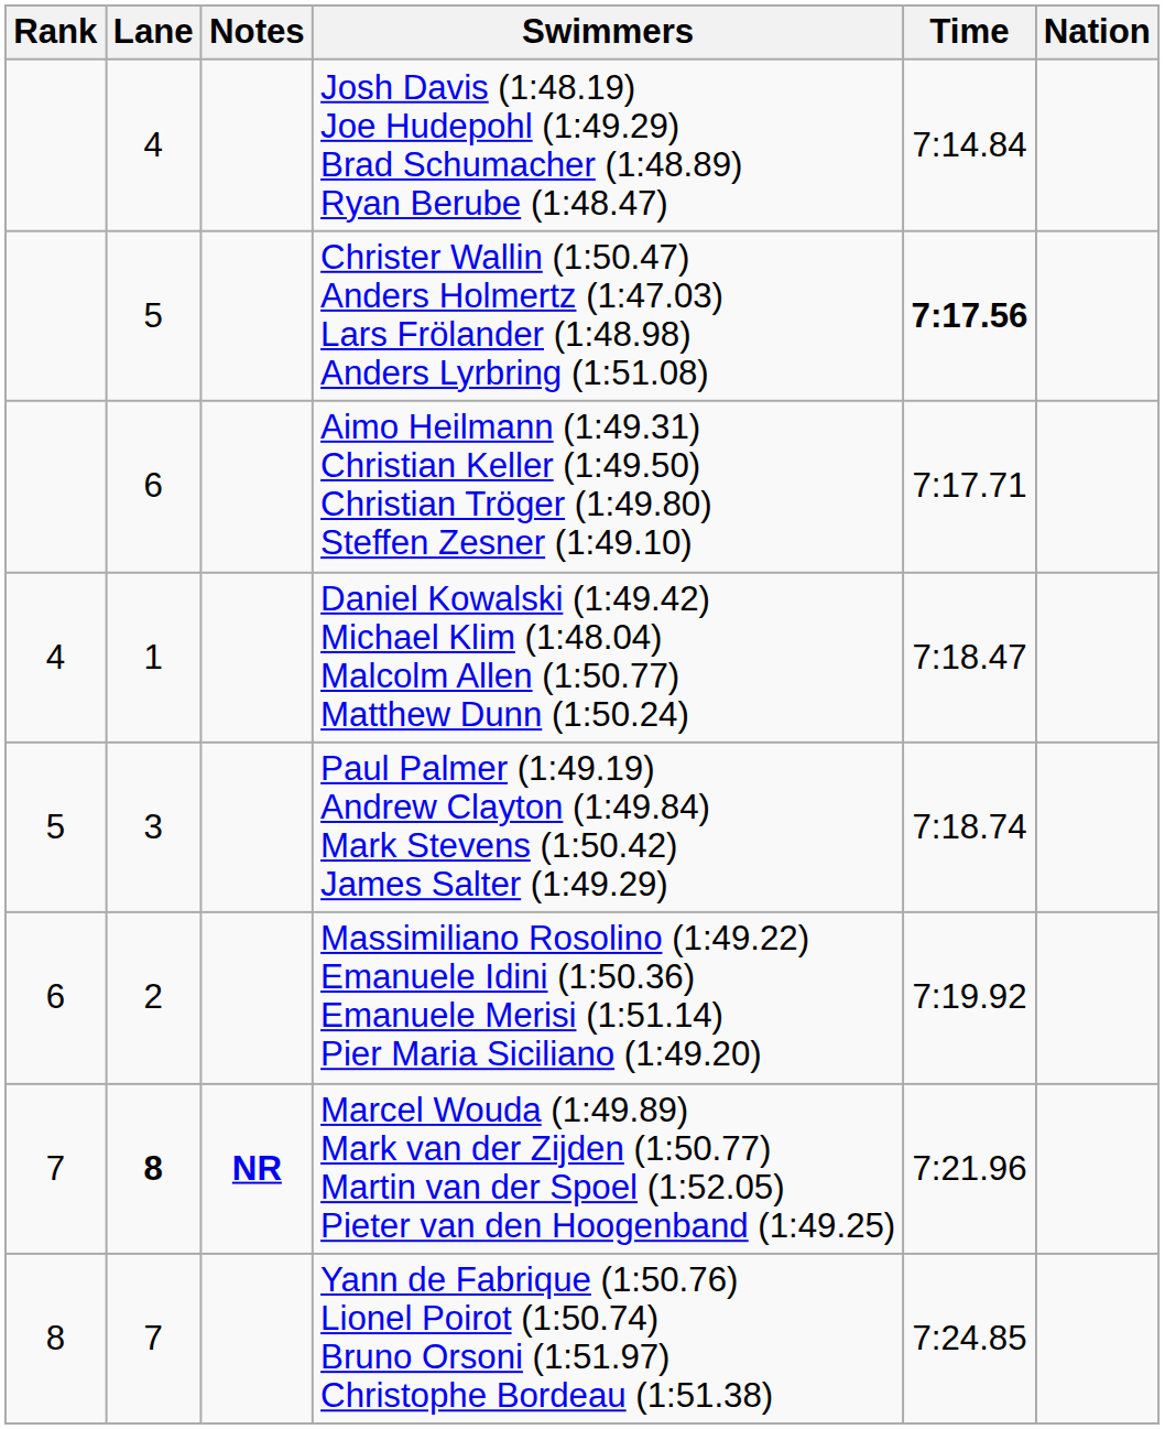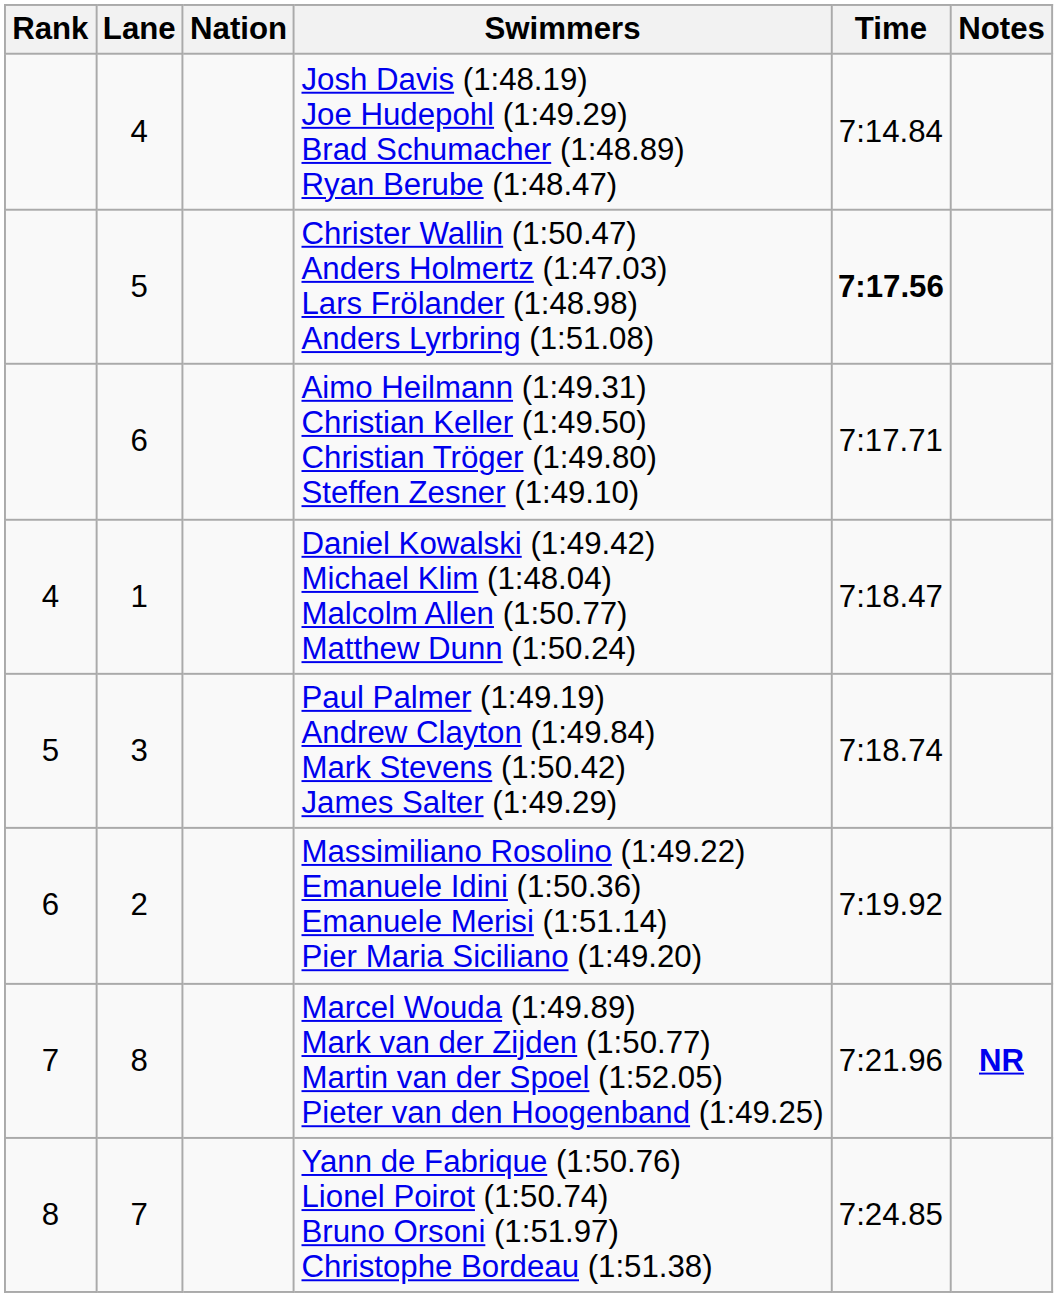 <table class="wikitable sortable" style="text-align:center">
 <tr>
 <th>Rank</th>
 <th>Lane</th>
-<th>Notes</th>
+<th>Nation</th>
 <th>Swimmers</th>
 <th>Time</th>
-<th>Nation</th>
+<th>Notes</th>
 </tr>
 <tr>
 <td></td>
 <td>4</td>
-<td></td>
+<td align=left></td>
 <td align=left><a href='#'>Josh Davis</a> (1:48.19)<br><a href='#'>Joe Hudepohl</a> (1:49.29)<br><a href='#'>Brad Schumacher</a> (1:48.89)<br><a href='#'>Ryan Berube</a> (1:48.47)</td>
 <td>7:14.84</td>
-<td align=left></td>
+<td></td>
 </tr>
 <tr>
 <td></td>
 <td>5</td>
-<td></td>
+<td align=left></td>
 <td align=left><a href='#'>Christer Wallin</a> (1:50.47)<br><a href='#'>Anders Holmertz</a> (1:47.03)<br><a href='#'>Lars Frölander</a> (1:48.98)<br><a href='#'>Anders Lyrbring</a> (1:51.08)</td>
 <td><strong>7:17.56</strong></td>
-<td align=left></td>
+<td></td>
 </tr>
 <tr>
 <td></td>
 <td>6</td>
-<td></td>
+<td align=left></td>
 <td align=left><a href='#'>Aimo Heilmann</a> (1:49.31)<br><a href='#'>Christian Keller</a> (1:49.50)<br><a href='#'>Christian Tröger</a> (1:49.80)<br><a href='#'>Steffen Zesner</a> (1:49.10)</td>
 <td>7:17.71</td>
-<td align=left></td>
+<td></td>
 </tr>
 <tr>
 <td>4</td>
 <td>1</td>
-<td></td>
+<td align=left></td>
 <td align=left><a href='#'>Daniel Kowalski</a> (1:49.42)<br><a href='#'>Michael Klim</a> (1:48.04)<br><a href='#'>Malcolm Allen</a> (1:50.77)<br><a href='#'>Matthew Dunn</a> (1:50.24)</td>
 <td>7:18.47</td>
-<td align=left></td>
+<td></td>
 </tr>
 <tr>
 <td>5</td>
 <td>3</td>
-<td></td>
+<td align=left></td>
 <td align=left><a href='#'>Paul Palmer</a> (1:49.19)<br><a href='#'>Andrew Clayton</a> (1:49.84)<br><a href='#'>Mark Stevens</a> (1:50.42)<br><a href='#'>James Salter</a> (1:49.29)</td>
 <td>7:18.74</td>
-<td align=left></td>
+<td></td>
 </tr>
 <tr>
 <td>6</td>
 <td>2</td>
-<td></td>
+<td align=left></td>
 <td align=left><a href='#'>Massimiliano Rosolino</a> (1:49.22)<br><a href='#'>Emanuele Idini</a> (1:50.36)<br><a href='#'>Emanuele Merisi</a> (1:51.14)<br><a href='#'>Pier Maria Siciliano</a> (1:49.20)</td>
 <td>7:19.92</td>
-<td align=left></td>
+<td></td>
 </tr>
 <tr>
 <td>7</td>
-<td><strong>8</strong></td>
-<td><strong><a href='#'>NR</a></strong></td>
+<td>8</td>
+<td align=left></td>
 <td align=left><a href='#'>Marcel Wouda</a> (1:49.89)<br><a href='#'>Mark van der Zijden</a> (1:50.77)<br><a href='#'>Martin van der Spoel</a> (1:52.05)<br><a href='#'>Pieter van den Hoogenband</a> (1:49.25)</td>
 <td>7:21.96</td>
-<td align=left></td>
+<td><strong><a href='#'>NR</a></strong></td>
 </tr>
 <tr>
 <td>8</td>
 <td>7</td>
-<td></td>
+<td align=left></td>
 <td align=left><a href='#'>Yann de Fabrique</a> (1:50.76)<br><a href='#'>Lionel Poirot</a> (1:50.74)<br><a href='#'>Bruno Orsoni</a> (1:51.97)<br><a href='#'>Christophe Bordeau</a> (1:51.38)</td>
 <td>7:24.85</td>
-<td align=left></td>
+<td></td>
 </tr>
 </table>
